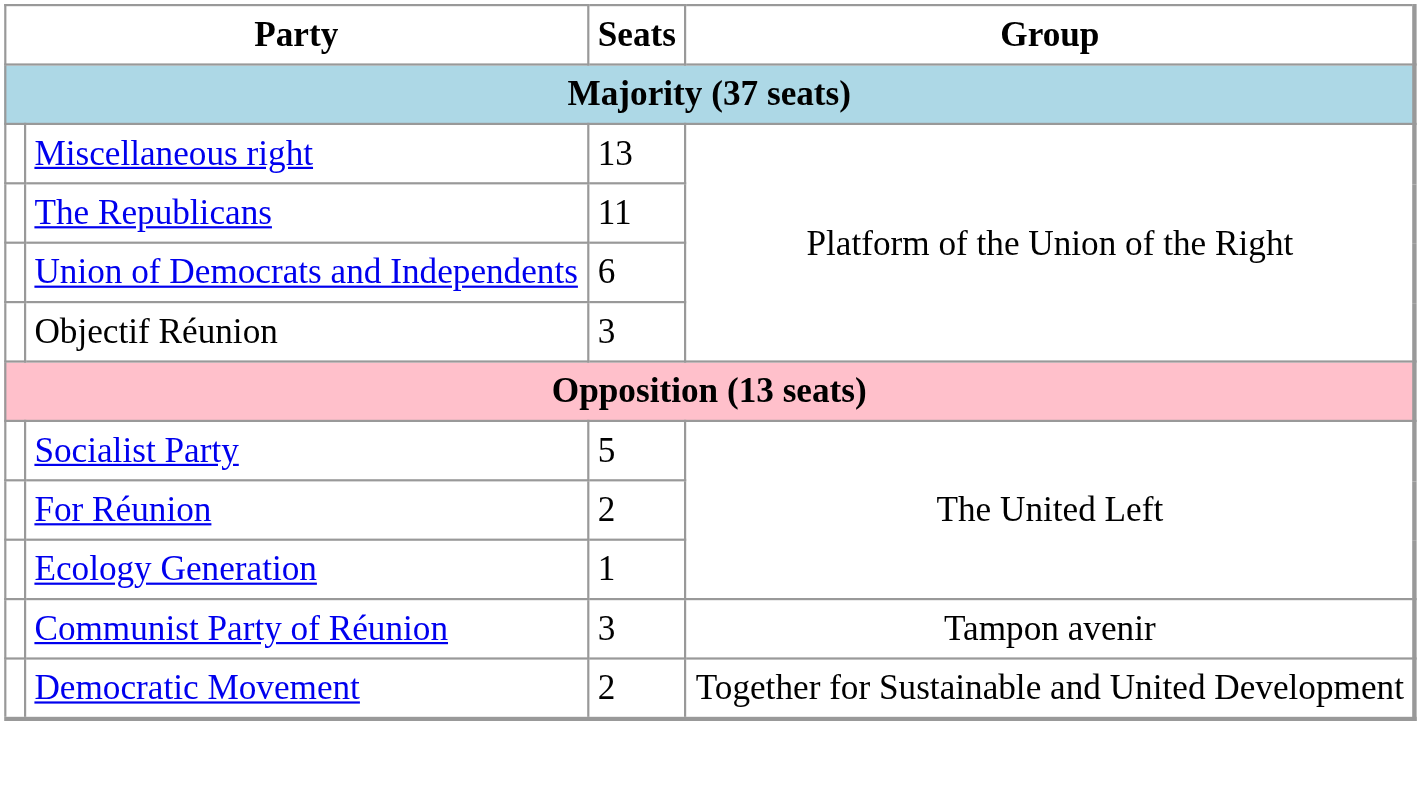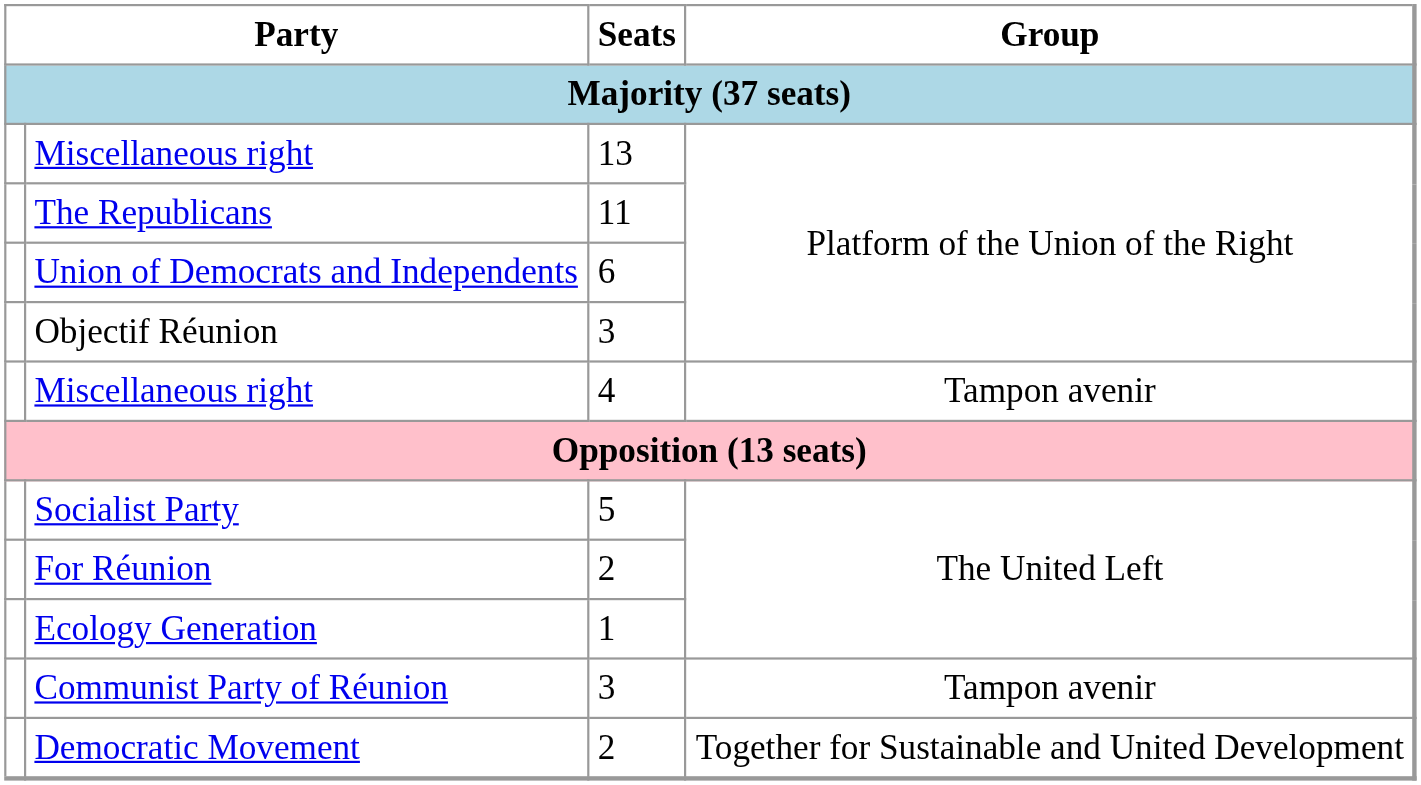 <table align="center" rules="all" cellpadding="4" cellspacing="0" style="margin-top: 1em; border: 1px solid #999; border-right: 2px solid #999; border-bottom: 2px solid #999">
 <tr>
 <th colspan="2">Party</th>
 <th>Seats</th>
 <th>Group</th>
 </tr>
 <tr>
 <th colspan="4" align="center" bgcolor="lightblue">Majority (37 seats)</th>
 </tr>
 <tr>
 <th style="background-color: "></th>
 <td><a href='#'>Miscellaneous right</a></td>
 <td>13</td>
 <td rowspan="4" align="center">Platform of the Union of the Right</td>
 </tr>
 <tr>
 <th style="background-color: "></th>
 <td><a href='#'>The Republicans</a></td>
 <td>11</td>
 </tr>
 <tr>
 <th style="background-color: "></th>
 <td><a href='#'>Union of Democrats and Independents</a></td>
 <td>6</td>
 </tr>
 <tr>
 <th style="background-color: "></th>
 <td>Objectif Réunion</td>
 <td>3</td>
+</tr>
+<tr>
+<th style="background-color: "></th>
+<td><a href='#'>Miscellaneous right</a></td>
+<td>4</td>
+<td align="center">Tampon avenir</td>
 </tr>
 <tr>
 <th colspan="4" align="center" bgcolor="pink">Opposition (13 seats)</th>
 </tr>
 <tr>
 <th style="background-color: "></th>
 <td><a href='#'>Socialist Party</a></td>
 <td>5</td>
 <td rowspan="3" align="center">The United Left</td>
 </tr>
 <tr>
 <th style="background-color: "></th>
 <td><a href='#'>For Réunion</a></td>
 <td>2</td>
 </tr>
 <tr>
 <th style="background-color: "></th>
 <td><a href='#'>Ecology Generation</a></td>
 <td>1</td>
 </tr>
 <tr>
 <th style="background-color: "></th>
 <td><a href='#'>Communist Party of Réunion</a></td>
 <td>3</td>
 <td align="center">Tampon avenir</td>
 </tr>
 <tr>
 <th style="background-color: "></th>
 <td><a href='#'>Democratic Movement</a></td>
 <td>2</td>
 <td align="center">Together for Sustainable and United Development</td>
 </tr>
 </table>
